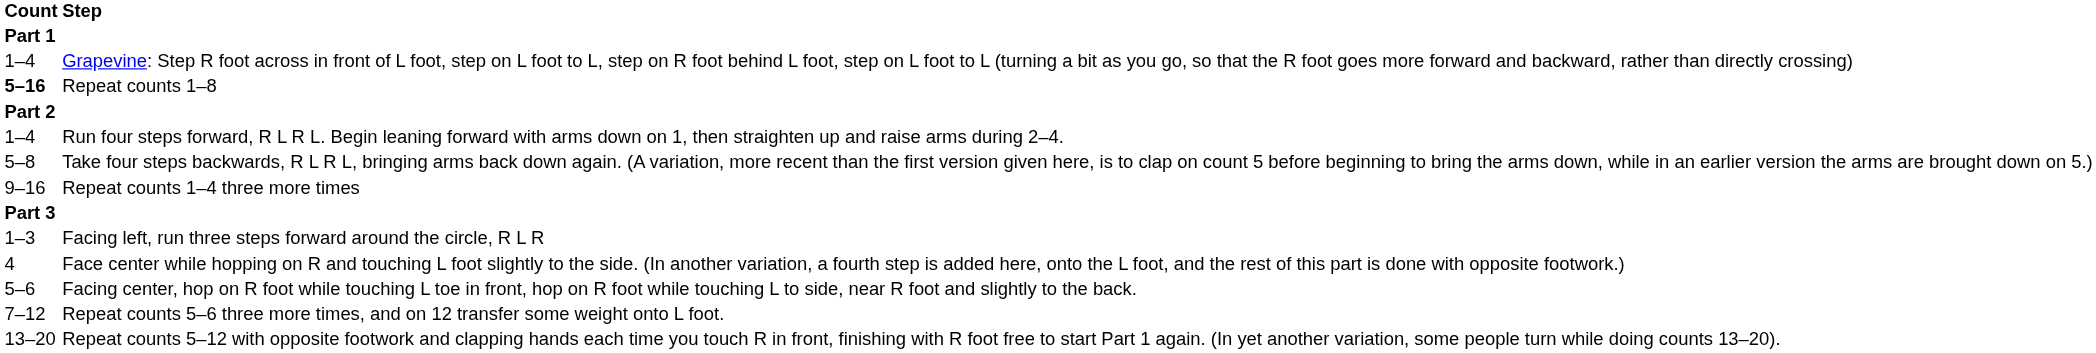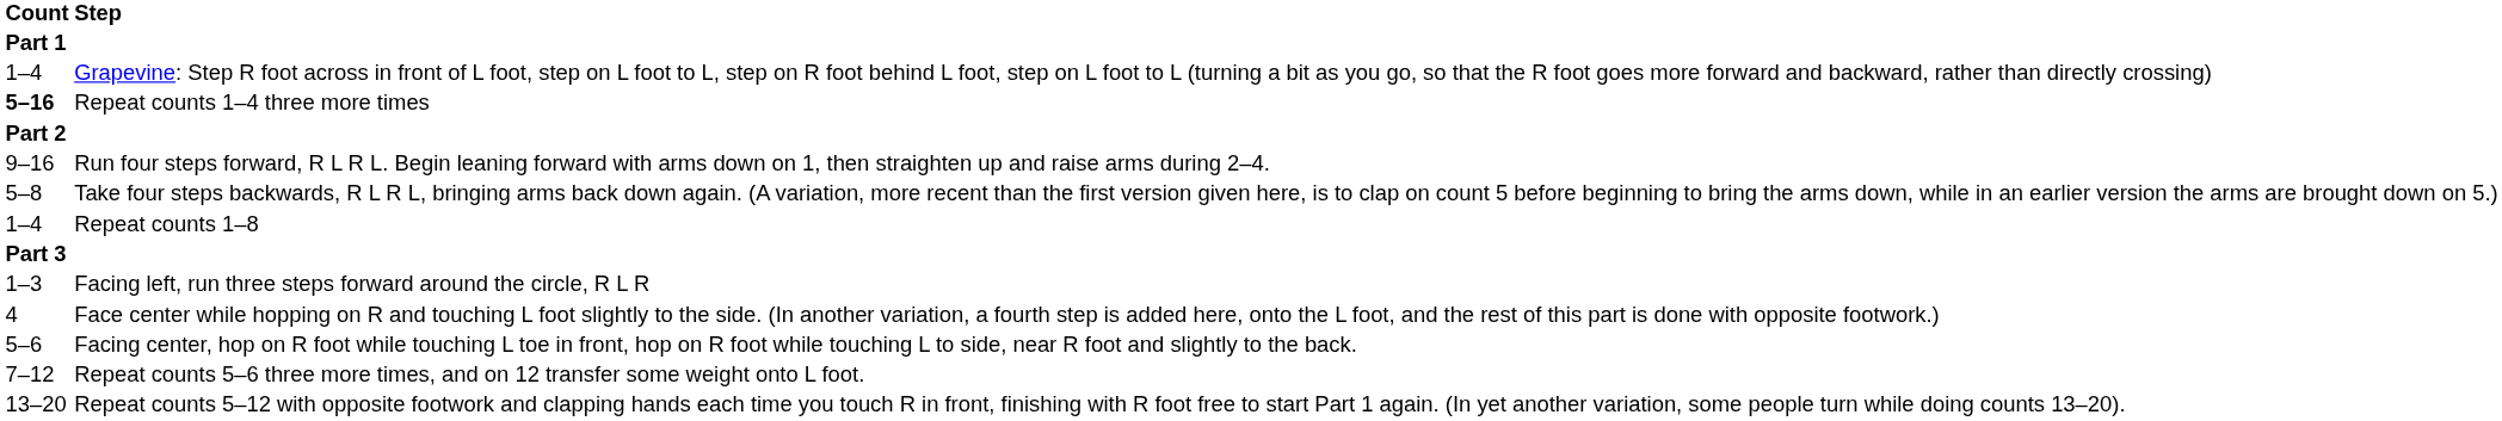 <table>
 <tr>
 <td><strong>Count</strong></td>
 <td><strong>Step</strong></td>
 </tr>
 <tr>
 <td><strong>Part 1</strong></td>
 </tr>
 <tr>
 <td>1–4</td>
 <td><a href='#'>Grapevine</a>: Step R foot across in front of L foot, step on L foot to L, step on R foot behind L foot, step on L foot to L (turning a bit as you go, so that the R foot goes more forward and backward, rather than directly crossing)</td>
 </tr>
 <tr>
 <td><strong>5–16</strong></td>
-<td>Repeat counts 1–8</td>
+<td>Repeat counts 1–4 three more times</td>
 </tr>
 <tr>
 <td><strong>Part 2</strong></td>
 </tr>
 <tr>
-<td>1–4</td>
+<td>9–16</td>
 <td>Run four steps forward, R L R L. Begin leaning forward with arms down on 1, then straighten up and raise arms during 2–4.</td>
 </tr>
 <tr>
 <td>5–8</td>
 <td>Take four steps backwards, R L R L, bringing arms back down again. (A variation, more recent than the first version given here, is to clap on count 5 before beginning to bring the arms down, while in an earlier version the arms are brought down on 5.)</td>
 </tr>
 <tr>
-<td>9–16</td>
-<td>Repeat counts 1–4 three more times</td>
+<td>1–4</td>
+<td>Repeat counts 1–8</td>
 </tr>
 <tr>
 <td><strong>Part 3</strong></td>
 </tr>
 <tr>
 <td>1–3</td>
 <td>Facing left, run three steps forward around the circle, R L R</td>
 </tr>
 <tr>
 <td>4</td>
 <td>Face center while hopping on R and touching L foot slightly to the side. (In another variation, a fourth step is added here, onto the L foot, and the rest of this part is done with opposite footwork.)</td>
 </tr>
 <tr>
 <td>5–6</td>
 <td>Facing center, hop on R foot while touching L toe in front, hop on R foot while touching L to side, near R foot and slightly to the back.</td>
 </tr>
 <tr>
 <td>7–12</td>
 <td>Repeat counts 5–6 three more times, and on 12 transfer some weight onto L foot.</td>
 </tr>
 <tr>
 <td>13–20</td>
 <td>Repeat counts 5–12 with opposite footwork and clapping hands each time you touch R in front, finishing with R foot free to start Part 1 again. (In yet another variation, some people turn while doing counts 13–20).</td>
 </tr>
 </table>
